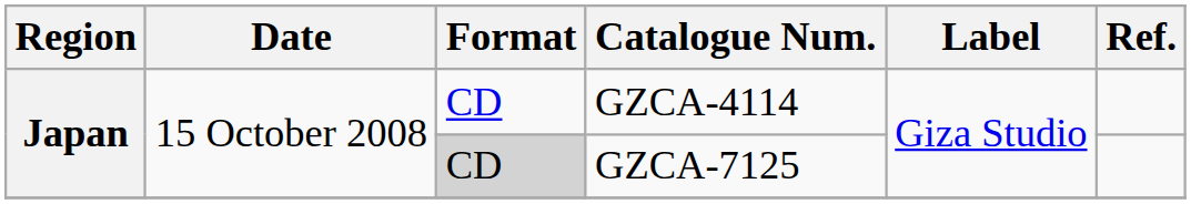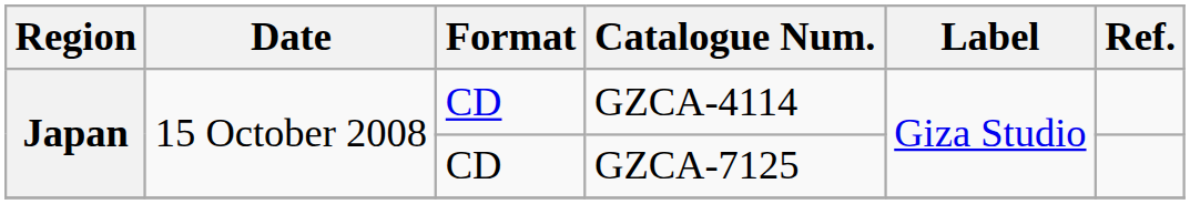 <table class="wikitable sortable plainrowheaders">
 <tr>
 <th scope="col">Region</th>
 <th scope="col">Date</th>
 <th scope="col">Format</th>
 <th scope="col">Catalogue Num.</th>
 <th scope="col">Label</th>
 <th scope="col">Ref.</th>
 </tr>
 <tr>
 <th scope="row" rowspan="2">Japan</th>
 <td rowspan="2">15 October 2008</td>
 <td><a href='#'>CD</a> </td>
 <td>GZCA-4114</td>
 <td rowspan="2"><a href='#'>Giza Studio</a></td>
 <td></td>
 </tr>
 <tr>
-<td style="background: lightgrey;">CD </td>
+<td>CD </td>
 <td>GZCA-7125</td>
 <td></td>
 </tr>
 <tr>
 </tr>
 </table>
